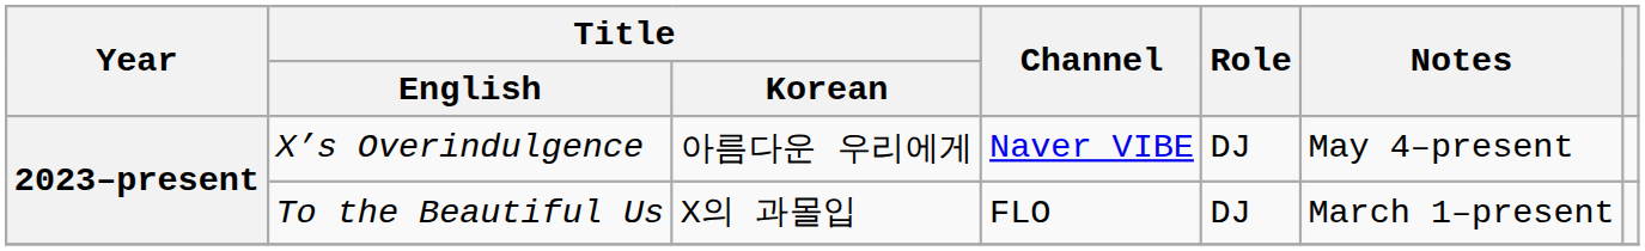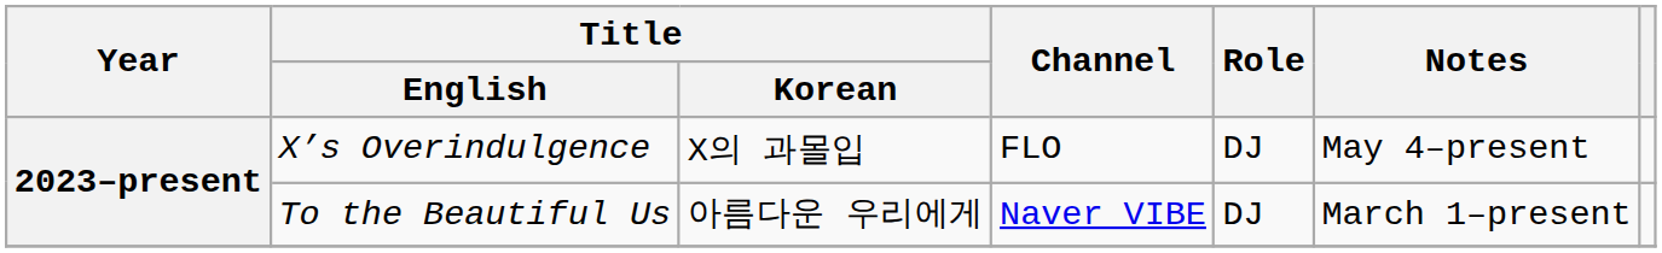 <table class="wikitable sortable plainrowheaders">
 <tr>
 <th rowspan="2" scope="col">Year</th>
 <th colspan="2" scope="col">Title</th>
 <th rowspan="2">Channel</th>
 <th rowspan="2" scope="col">Role</th>
 <th rowspan="2" scope="col" class="unsortable">Notes</th>
 <th rowspan="2" scope="col" class="unsortable"></th>
 </tr>
 <tr>
 <th>English</th>
 <th>Korean</th>
 </tr>
 <tr>
 <th rowspan="2" scope="row">2023–present</th>
 <td><em>X’s Overindulgence</em></td>
-<td>아름다운 우리에게</td>
-<td><a href='#'>Naver VIBE</a></td>
+<td>X의 과몰입</td>
+<td>FLO</td>
 <td>DJ</td>
 <td>May 4–present</td>
 <td></td>
 </tr>
 <tr>
 <td><em>To the Beautiful Us</em></td>
-<td>X의 과몰입</td>
-<td>FLO</td>
+<td>아름다운 우리에게</td>
+<td><a href='#'>Naver VIBE</a></td>
 <td>DJ</td>
 <td>March 1–present</td>
 <td></td>
 </tr>
 <tr>
 </tr>
 </table>
